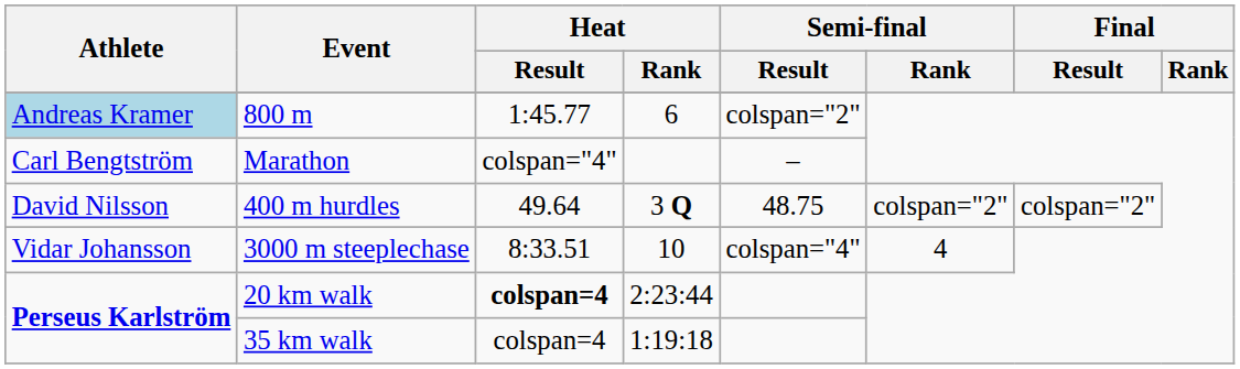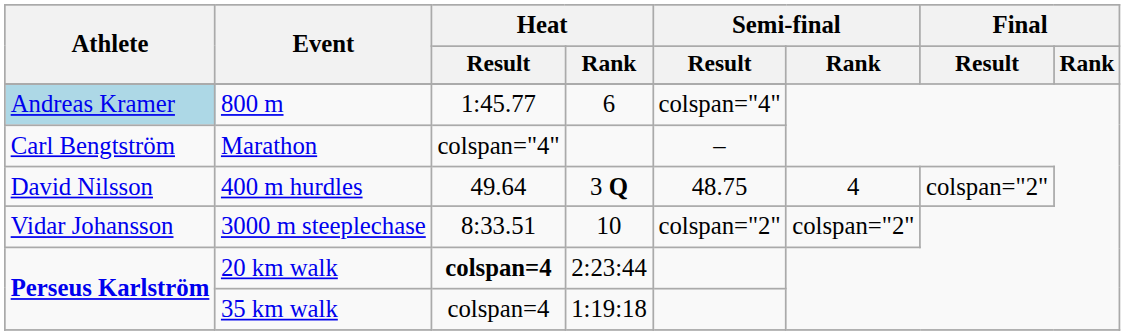 <table class="wikitable" style="font-size:90%">
 <tr>
 <th rowspan="2">Athlete</th>
 <th rowspan="2">Event</th>
 <th colspan="2">Heat</th>
 <th colspan="2">Semi-final</th>
 <th colspan="2">Final</th>
 </tr>
 <tr style="font-size:95%">
 <th>Result</th>
 <th>Rank</th>
 <th>Result</th>
 <th>Rank</th>
 <th>Result</th>
 <th>Rank</th>
 </tr>
 <tr align=center>
 </tr>
 <tr align=center>
 <td align="left" style="background: lightblue;"><a href='#'>Andreas Kramer</a></td>
 <td align="left"><a href='#'>800 m</a></td>
 <td>1:45.77</td>
 <td>6</td>
-<td>colspan="2" </td>
+<td>colspan="4" </td>
 </tr>
 <tr align=center>
 <td align="left"><a href='#'>Carl Bengtström</a></td>
 <td align="left"><a href='#'>Marathon</a></td>
 <td>colspan="4" </td>
 <td></td>
 <td>–</td>
 </tr>
 <tr align=center>
 <td align="left"><a href='#'>David Nilsson</a></td>
 <td align="left"><a href='#'>400 m hurdles</a></td>
 <td>49.64</td>
 <td>3 <strong>Q</strong></td>
 <td>48.75</td>
-<td>colspan="2" </td>
+<td>4</td>
 <td>colspan="2" </td>
 </tr>
 <tr align=center>
 <td align="left"><a href='#'>Vidar Johansson</a></td>
 <td align="left"><a href='#'>3000 m steeplechase</a></td>
 <td>8:33.51</td>
 <td>10</td>
-<td>colspan="4" </td>
-<td>4</td>
+<td>colspan="2" </td>
+<td>colspan="2" </td>
 </tr>
 <tr align=center>
 <td rowspan="2"  align="left"><strong><a href='#'>Perseus Karlström</a></strong></td>
 <td align="left"><a href='#'>20 km walk</a></td>
 <td><strong>colspan=4 </strong></td>
 <td>2:23:44 </td>
 <td></td>
 </tr>
 <tr align=center>
 <td align="left"><a href='#'>35 km walk</a></td>
 <td>colspan=4 </td>
 <td>1:19:18 </td>
 <td></td>
 </tr>
 </table>
